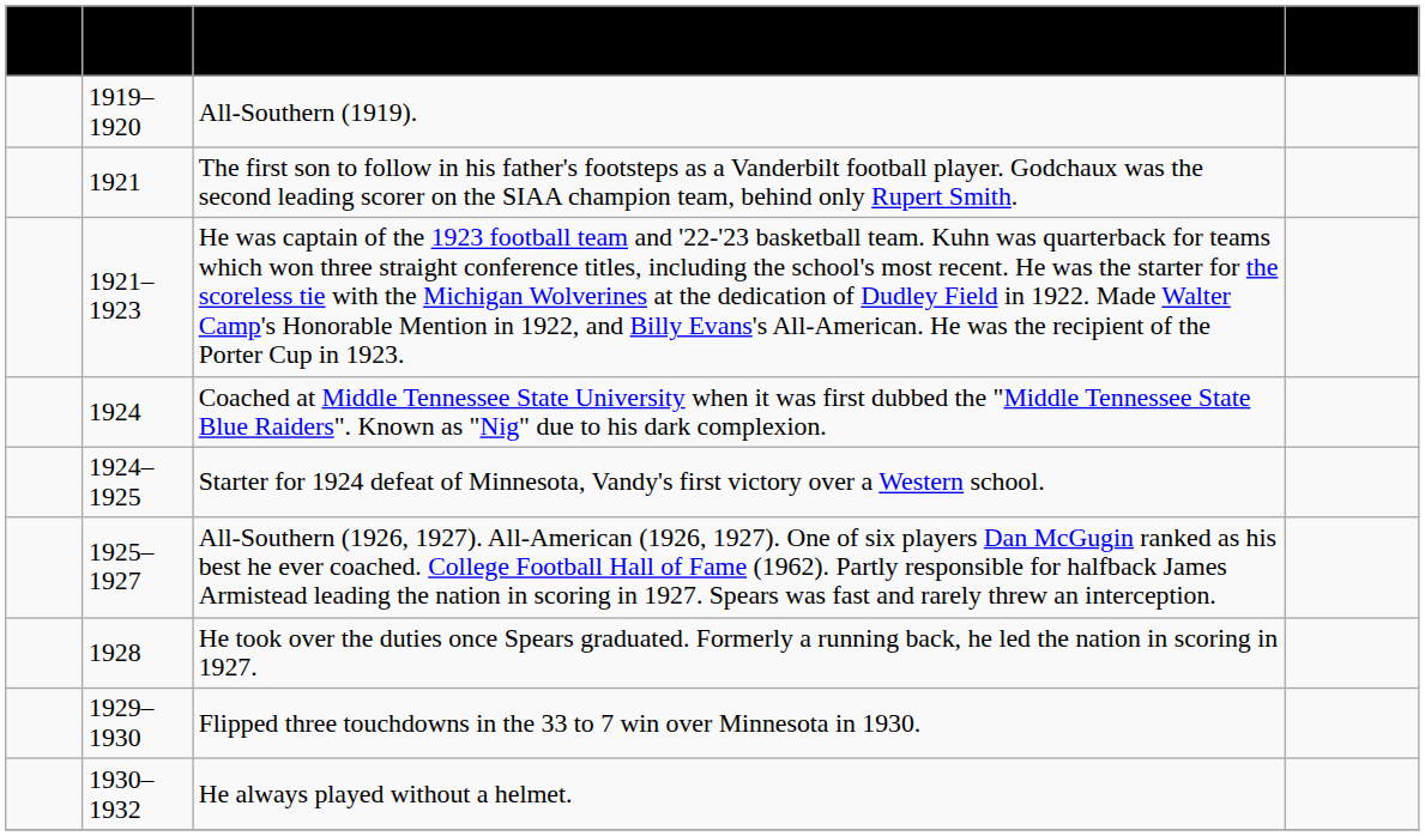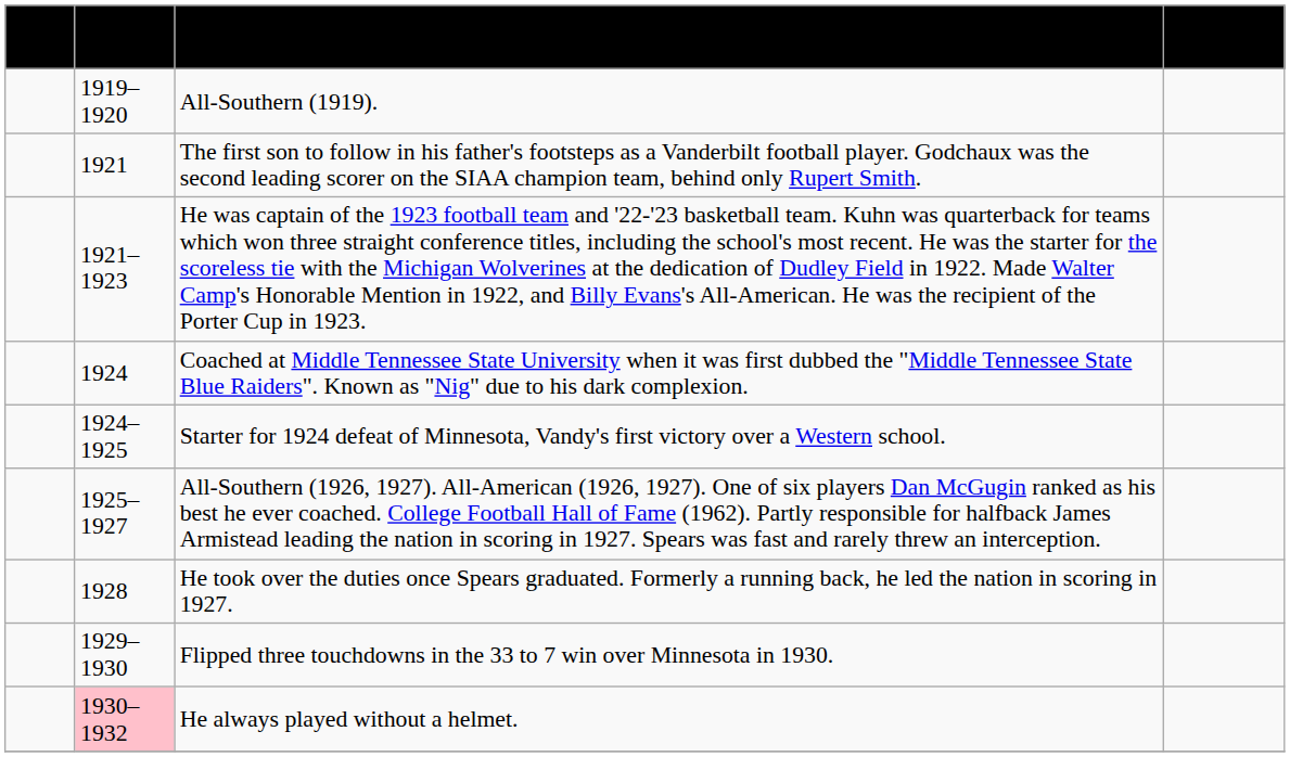 <table class="wikitable sortable" style="text-align:left;">
 <tr>
 <th style="background:#000000;"><span>Name</span></th>
 <th style="background:#000000;"><span>Years Started</span></th>
 <th style="background:#000000;"><span>Notability</span></th>
 <th style="background:#000000;"><span>References</span></th>
 </tr>
 <tr>
 <td></td>
 <td>1919–1920</td>
 <td>All-Southern (1919).</td>
 <td></td>
 </tr>
 <tr>
 <td></td>
 <td>1921</td>
 <td>The first son to follow in his father's footsteps as a Vanderbilt football player. Godchaux was the second leading scorer on the SIAA champion team, behind only <a href='#'>Rupert Smith</a>.</td>
 <td></td>
 </tr>
 <tr>
 <td></td>
 <td>1921–1923</td>
 <td>He was captain of the <a href='#'>1923 football team</a> and '22-'23 basketball team. Kuhn was quarterback for teams which won three straight conference titles, including the school's most recent. He was the starter for <a href='#'>the scoreless tie</a> with the <a href='#'>Michigan Wolverines</a> at the dedication of <a href='#'>Dudley Field</a> in 1922. Made <a href='#'>Walter Camp</a>'s Honorable Mention in 1922, and <a href='#'>Billy Evans</a>'s All-American. He was the recipient of the Porter Cup in 1923.</td>
 <td></td>
 </tr>
 <tr>
 <td></td>
 <td>1924</td>
 <td>Coached at <a href='#'>Middle Tennessee State University</a> when it was first dubbed the "<a href='#'>Middle Tennessee State Blue Raiders</a>". Known as "<a href='#'>Nig</a>" due to his dark complexion.</td>
 <td></td>
 </tr>
 <tr>
 <td></td>
 <td>1924–1925</td>
 <td>Starter for 1924 defeat of Minnesota, Vandy's first victory over a <a href='#'>Western</a> school.</td>
 <td></td>
 </tr>
 <tr>
 <td></td>
 <td>1925–1927</td>
 <td>All-Southern (1926, 1927). All-American (1926, 1927). One of six players <a href='#'>Dan McGugin</a> ranked as his best he ever coached. <a href='#'>College Football Hall of Fame</a> (1962). Partly responsible for halfback James Armistead leading the nation in scoring in 1927. Spears was fast and rarely threw an interception.</td>
 <td></td>
 </tr>
 <tr>
 <td></td>
 <td>1928</td>
 <td>He took over the duties once Spears graduated. Formerly a running back, he led the nation in scoring in 1927.</td>
 <td></td>
 </tr>
 <tr>
 <td></td>
 <td>1929–1930</td>
 <td>Flipped three touchdowns in the 33 to 7 win over Minnesota in 1930.</td>
 <td></td>
 </tr>
 <tr>
 <td></td>
-<td>1930–1932</td>
+<td style="background: pink;">1930–1932</td>
 <td>He always played without a helmet.</td>
 <td></td>
 </tr>
 <tr>
 </tr>
 </table>
